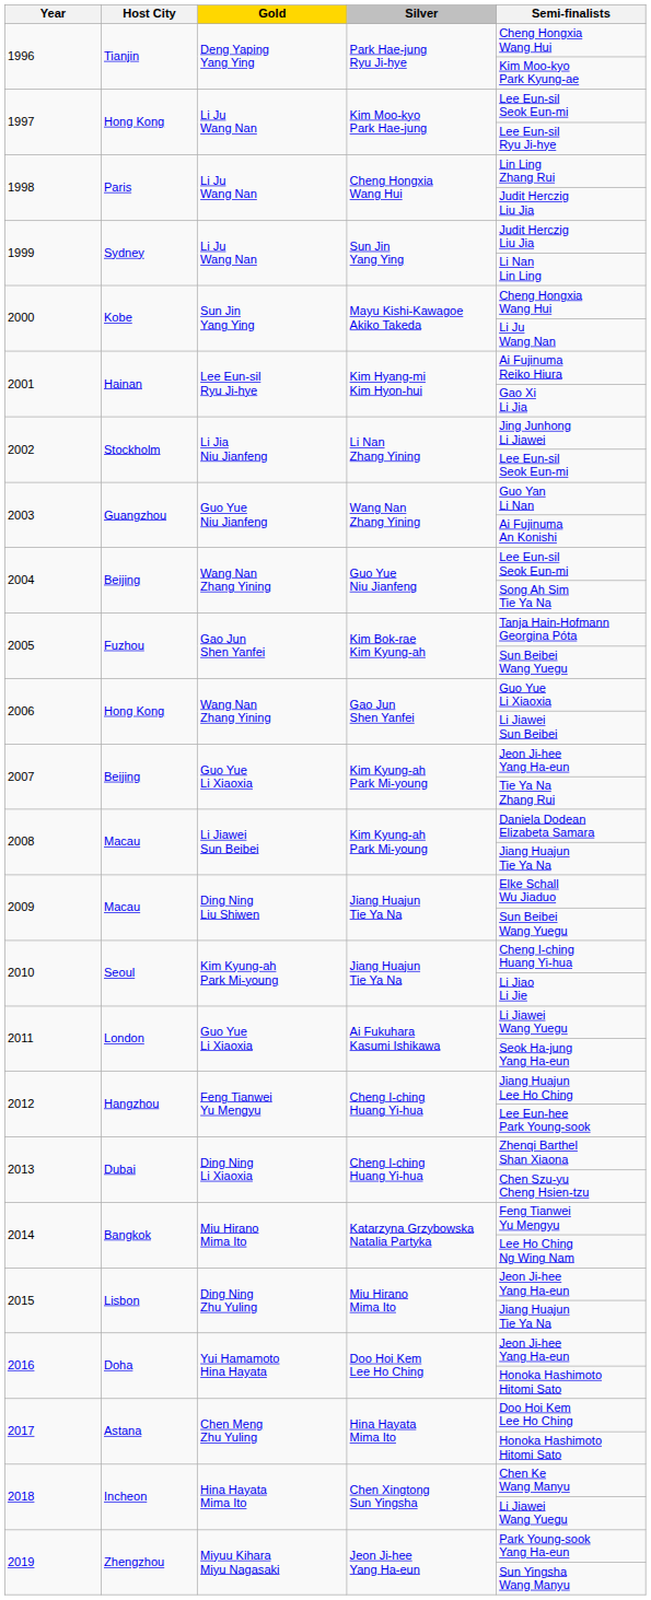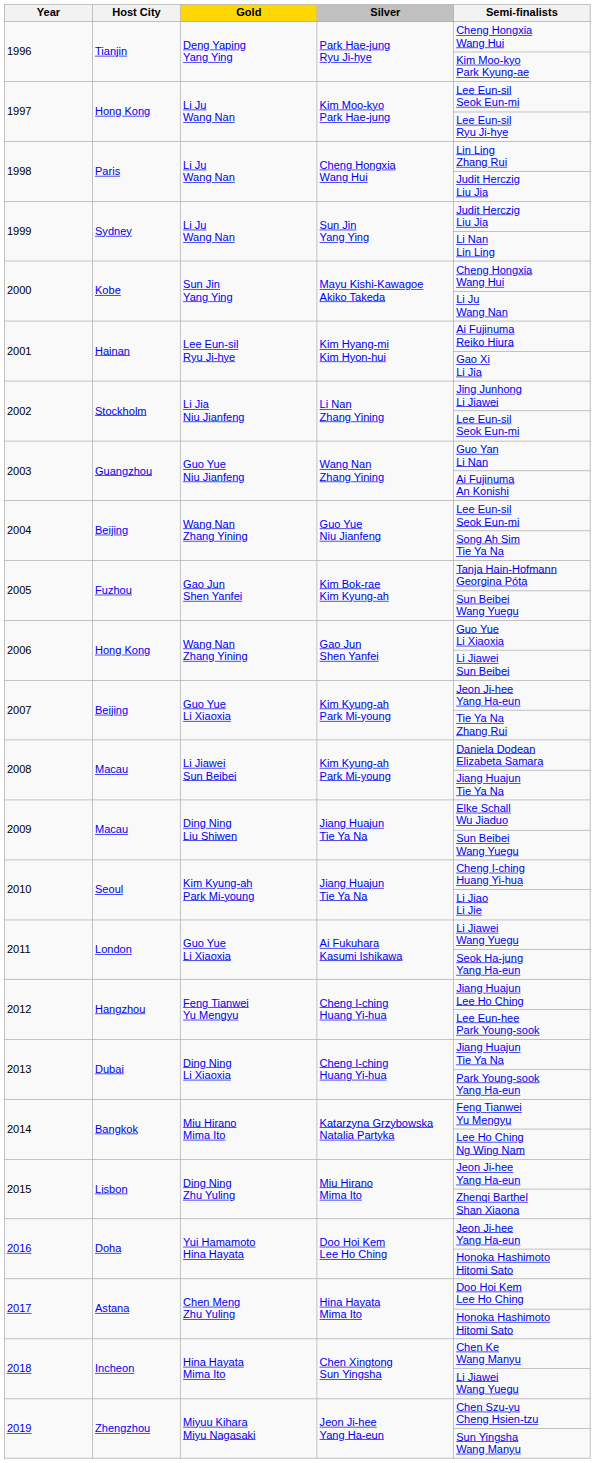 <table class="wikitable" style="text-align: left; width: 850px;">
 <tr>
 <th width="120">Year</th>
 <th width="120">Host City</th>
 <th width="190" style="background-color: gold">Gold</th>
 <th width="190" style="background-color: silver">Silver</th>
 <th width="190">Semi-finalists</th>
 </tr>
 <tr>
 <td rowspan=2>1996</td>
 <td rowspan=2><a href='#'>Tianjin</a></td>
 <td rowspan=2> <a href='#'>Deng Yaping</a><br> <a href='#'>Yang Ying</a></td>
 <td rowspan=2> <a href='#'>Park Hae-jung</a><br> <a href='#'>Ryu Ji-hye</a></td>
 <td> <a href='#'>Cheng Hongxia</a><br> <a href='#'>Wang Hui</a></td>
 </tr>
 <tr>
 <td> <a href='#'>Kim Moo-kyo</a><br> <a href='#'>Park Kyung-ae</a></td>
 </tr>
 <tr>
 <td rowspan=2>1997</td>
 <td rowspan=2><a href='#'>Hong Kong</a></td>
 <td rowspan=2> <a href='#'>Li Ju</a><br> <a href='#'>Wang Nan</a></td>
 <td rowspan=2> <a href='#'>Kim Moo-kyo</a><br> <a href='#'>Park Hae-jung</a></td>
 <td> <a href='#'>Lee Eun-sil</a><br> <a href='#'>Seok Eun-mi</a></td>
 </tr>
 <tr>
 <td> <a href='#'>Lee Eun-sil</a><br> <a href='#'>Ryu Ji-hye</a></td>
 </tr>
 <tr>
 <td rowspan=2>1998</td>
 <td rowspan=2><a href='#'>Paris</a></td>
 <td rowspan=2> <a href='#'>Li Ju</a><br> <a href='#'>Wang Nan</a></td>
 <td rowspan=2> <a href='#'>Cheng Hongxia</a><br> <a href='#'>Wang Hui</a></td>
 <td> <a href='#'>Lin Ling</a><br> <a href='#'>Zhang Rui</a></td>
 </tr>
 <tr>
 <td> <a href='#'>Judit Herczig</a><br> <a href='#'>Liu Jia</a></td>
 </tr>
 <tr>
 <td rowspan=2>1999</td>
 <td rowspan=2><a href='#'>Sydney</a></td>
 <td rowspan=2> <a href='#'>Li Ju</a><br> <a href='#'>Wang Nan</a></td>
 <td rowspan=2> <a href='#'>Sun Jin</a><br> <a href='#'>Yang Ying</a></td>
 <td> <a href='#'>Judit Herczig</a><br> <a href='#'>Liu Jia</a></td>
 </tr>
 <tr>
 <td> <a href='#'>Li Nan</a><br> <a href='#'>Lin Ling</a></td>
 </tr>
 <tr>
 <td rowspan=2>2000</td>
 <td rowspan=2><a href='#'>Kobe</a></td>
 <td rowspan=2> <a href='#'>Sun Jin</a><br> <a href='#'>Yang Ying</a></td>
 <td rowspan=2> <a href='#'>Mayu Kishi-Kawagoe</a><br> <a href='#'>Akiko Takeda</a></td>
 <td> <a href='#'>Cheng Hongxia</a><br> <a href='#'>Wang Hui</a></td>
 </tr>
 <tr>
 <td> <a href='#'>Li Ju</a><br> <a href='#'>Wang Nan</a></td>
 </tr>
 <tr>
 <td rowspan=2>2001</td>
 <td rowspan=2><a href='#'>Hainan</a></td>
 <td rowspan=2> <a href='#'>Lee Eun-sil</a><br> <a href='#'>Ryu Ji-hye</a></td>
 <td rowspan=2> <a href='#'>Kim Hyang-mi</a><br> <a href='#'>Kim Hyon-hui</a></td>
 <td> <a href='#'>Ai Fujinuma</a><br> <a href='#'>Reiko Hiura</a></td>
 </tr>
 <tr>
 <td> <a href='#'>Gao Xi</a><br> <a href='#'>Li Jia</a></td>
 </tr>
 <tr>
 <td rowspan=2>2002</td>
 <td rowspan=2><a href='#'>Stockholm</a></td>
 <td rowspan=2> <a href='#'>Li Jia</a><br> <a href='#'>Niu Jianfeng</a></td>
 <td rowspan=2> <a href='#'>Li Nan</a><br> <a href='#'>Zhang Yining</a></td>
 <td> <a href='#'>Jing Junhong</a><br> <a href='#'>Li Jiawei</a></td>
 </tr>
 <tr>
 <td> <a href='#'>Lee Eun-sil</a><br> <a href='#'>Seok Eun-mi</a></td>
 </tr>
 <tr>
 <td rowspan=2>2003</td>
 <td rowspan=2><a href='#'>Guangzhou</a></td>
 <td rowspan=2> <a href='#'>Guo Yue</a><br> <a href='#'>Niu Jianfeng</a></td>
 <td rowspan=2> <a href='#'>Wang Nan</a><br> <a href='#'>Zhang Yining</a></td>
 <td> <a href='#'>Guo Yan</a><br> <a href='#'>Li Nan</a></td>
 </tr>
 <tr>
 <td> <a href='#'>Ai Fujinuma</a><br> <a href='#'>An Konishi</a></td>
 </tr>
 <tr>
 <td rowspan=2>2004</td>
 <td rowspan=2><a href='#'>Beijing</a></td>
 <td rowspan=2> <a href='#'>Wang Nan</a><br> <a href='#'>Zhang Yining</a></td>
 <td rowspan=2> <a href='#'>Guo Yue</a><br> <a href='#'>Niu Jianfeng</a></td>
 <td> <a href='#'>Lee Eun-sil</a><br> <a href='#'>Seok Eun-mi</a></td>
 </tr>
 <tr>
 <td> <a href='#'>Song Ah Sim</a><br> <a href='#'>Tie Ya Na</a></td>
 </tr>
 <tr>
 <td rowspan=2>2005</td>
 <td rowspan=2><a href='#'>Fuzhou</a></td>
 <td rowspan=2> <a href='#'>Gao Jun</a><br> <a href='#'>Shen Yanfei</a></td>
 <td rowspan=2> <a href='#'>Kim Bok-rae</a><br> <a href='#'>Kim Kyung-ah</a></td>
 <td> <a href='#'>Tanja Hain-Hofmann</a><br> <a href='#'>Georgina Póta</a></td>
 </tr>
 <tr>
 <td> <a href='#'>Sun Beibei</a><br> <a href='#'>Wang Yuegu</a></td>
 </tr>
 <tr>
 <td rowspan=2>2006</td>
 <td rowspan=2><a href='#'>Hong Kong</a></td>
 <td rowspan=2> <a href='#'>Wang Nan</a><br> <a href='#'>Zhang Yining</a></td>
 <td rowspan=2> <a href='#'>Gao Jun</a><br> <a href='#'>Shen Yanfei</a></td>
 <td> <a href='#'>Guo Yue</a><br> <a href='#'>Li Xiaoxia</a></td>
 </tr>
 <tr>
 <td> <a href='#'>Li Jiawei</a><br> <a href='#'>Sun Beibei</a></td>
 </tr>
 <tr>
 <td rowspan=2>2007</td>
 <td rowspan=2><a href='#'>Beijing</a></td>
 <td rowspan=2> <a href='#'>Guo Yue</a><br> <a href='#'>Li Xiaoxia</a></td>
 <td rowspan=2> <a href='#'>Kim Kyung-ah</a><br> <a href='#'>Park Mi-young</a></td>
 <td> <a href='#'>Jeon Ji-hee</a><br> <a href='#'>Yang Ha-eun</a></td>
 </tr>
 <tr>
 <td> <a href='#'>Tie Ya Na</a><br> <a href='#'>Zhang Rui</a></td>
 </tr>
 <tr>
 <td rowspan=2>2008</td>
 <td rowspan=2><a href='#'>Macau</a></td>
 <td rowspan=2> <a href='#'>Li Jiawei</a><br> <a href='#'>Sun Beibei</a></td>
 <td rowspan=2> <a href='#'>Kim Kyung-ah</a><br> <a href='#'>Park Mi-young</a></td>
 <td> <a href='#'>Daniela Dodean</a><br> <a href='#'>Elizabeta Samara</a></td>
 </tr>
 <tr>
 <td> <a href='#'>Jiang Huajun</a><br> <a href='#'>Tie Ya Na</a></td>
 </tr>
 <tr>
 <td rowspan=2>2009</td>
 <td rowspan=2><a href='#'>Macau</a></td>
 <td rowspan=2> <a href='#'>Ding Ning</a><br> <a href='#'>Liu Shiwen</a></td>
 <td rowspan=2> <a href='#'>Jiang Huajun</a><br> <a href='#'>Tie Ya Na</a></td>
 <td> <a href='#'>Elke Schall</a><br> <a href='#'>Wu Jiaduo</a></td>
 </tr>
 <tr>
 <td> <a href='#'>Sun Beibei</a><br> <a href='#'>Wang Yuegu</a></td>
 </tr>
 <tr>
 <td rowspan=2>2010</td>
 <td rowspan=2><a href='#'>Seoul</a></td>
 <td rowspan=2> <a href='#'>Kim Kyung-ah</a><br> <a href='#'>Park Mi-young</a></td>
 <td rowspan=2> <a href='#'>Jiang Huajun</a><br> <a href='#'>Tie Ya Na</a></td>
 <td> <a href='#'>Cheng I-ching</a><br> <a href='#'>Huang Yi-hua</a></td>
 </tr>
 <tr>
 <td> <a href='#'>Li Jiao</a><br> <a href='#'>Li Jie</a></td>
 </tr>
 <tr>
 <td rowspan=2>2011</td>
 <td rowspan=2><a href='#'>London</a></td>
 <td rowspan=2> <a href='#'>Guo Yue</a><br> <a href='#'>Li Xiaoxia</a></td>
 <td rowspan=2> <a href='#'>Ai Fukuhara</a><br> <a href='#'>Kasumi Ishikawa</a></td>
 <td> <a href='#'>Li Jiawei</a><br> <a href='#'>Wang Yuegu</a></td>
 </tr>
 <tr>
 <td> <a href='#'>Seok Ha-jung</a><br> <a href='#'>Yang Ha-eun</a></td>
 </tr>
 <tr>
 <td rowspan=2>2012</td>
 <td rowspan=2><a href='#'>Hangzhou</a></td>
 <td rowspan=2> <a href='#'>Feng Tianwei</a><br> <a href='#'>Yu Mengyu</a></td>
 <td rowspan=2> <a href='#'>Cheng I-ching</a><br> <a href='#'>Huang Yi-hua</a></td>
 <td> <a href='#'>Jiang Huajun</a><br> <a href='#'>Lee Ho Ching</a></td>
 </tr>
 <tr>
 <td> <a href='#'>Lee Eun-hee</a><br> <a href='#'>Park Young-sook</a></td>
 </tr>
 <tr>
 <td rowspan=2>2013</td>
 <td rowspan=2><a href='#'>Dubai</a></td>
 <td rowspan=2> <a href='#'>Ding Ning</a><br> <a href='#'>Li Xiaoxia</a></td>
 <td rowspan=2> <a href='#'>Cheng I-ching</a><br> <a href='#'>Huang Yi-hua</a></td>
-<td> <a href='#'>Zhenqi Barthel</a><br> <a href='#'>Shan Xiaona</a></td>
+<td> <a href='#'>Jiang Huajun</a><br> <a href='#'>Tie Ya Na</a></td>
 </tr>
 <tr>
-<td> <a href='#'>Chen Szu-yu</a><br> <a href='#'>Cheng Hsien-tzu</a></td>
+<td> <a href='#'>Park Young-sook</a><br> <a href='#'>Yang Ha-eun</a></td>
 </tr>
 <tr>
 <td rowspan=2>2014</td>
 <td rowspan=2><a href='#'>Bangkok</a></td>
 <td rowspan=2> <a href='#'>Miu Hirano</a><br> <a href='#'>Mima Ito</a></td>
 <td rowspan=2> <a href='#'>Katarzyna Grzybowska</a><br> <a href='#'>Natalia Partyka</a></td>
 <td> <a href='#'>Feng Tianwei</a><br> <a href='#'>Yu Mengyu</a></td>
 </tr>
 <tr>
 <td> <a href='#'>Lee Ho Ching</a><br> <a href='#'>Ng Wing Nam</a></td>
 </tr>
 <tr>
 <td rowspan=2>2015</td>
 <td rowspan=2><a href='#'>Lisbon</a></td>
 <td rowspan=2> <a href='#'>Ding Ning</a><br> <a href='#'>Zhu Yuling</a></td>
 <td rowspan=2> <a href='#'>Miu Hirano</a><br> <a href='#'>Mima Ito</a></td>
 <td> <a href='#'>Jeon Ji-hee</a><br> <a href='#'>Yang Ha-eun</a></td>
 </tr>
 <tr>
-<td> <a href='#'>Jiang Huajun</a><br> <a href='#'>Tie Ya Na</a></td>
+<td> <a href='#'>Zhenqi Barthel</a><br> <a href='#'>Shan Xiaona</a></td>
 </tr>
 <tr>
 <td rowspan=2><a href='#'>2016</a></td>
 <td rowspan=2><a href='#'>Doha</a></td>
 <td rowspan=2> <a href='#'>Yui Hamamoto</a><br> <a href='#'>Hina Hayata</a></td>
 <td rowspan=2> <a href='#'>Doo Hoi Kem</a><br> <a href='#'>Lee Ho Ching</a></td>
 <td> <a href='#'>Jeon Ji-hee</a><br> <a href='#'>Yang Ha-eun</a></td>
 </tr>
 <tr>
 <td> <a href='#'>Honoka Hashimoto</a><br> <a href='#'>Hitomi Sato</a></td>
 </tr>
 <tr>
 <td rowspan=2><a href='#'>2017</a></td>
 <td rowspan=2><a href='#'>Astana</a></td>
 <td rowspan=2> <a href='#'>Chen Meng</a><br> <a href='#'>Zhu Yuling</a></td>
 <td rowspan=2> <a href='#'>Hina Hayata</a><br> <a href='#'>Mima Ito</a></td>
 <td> <a href='#'>Doo Hoi Kem</a><br> <a href='#'>Lee Ho Ching</a></td>
 </tr>
 <tr>
 <td> <a href='#'>Honoka Hashimoto</a><br> <a href='#'>Hitomi Sato</a></td>
 </tr>
 <tr>
 <td rowspan=2><a href='#'>2018</a></td>
 <td rowspan=2><a href='#'>Incheon</a></td>
 <td rowspan=2> <a href='#'>Hina Hayata</a><br> <a href='#'>Mima Ito</a></td>
 <td rowspan=2> <a href='#'>Chen Xingtong</a><br> <a href='#'>Sun Yingsha</a></td>
 <td> <a href='#'>Chen Ke</a><br> <a href='#'>Wang Manyu</a></td>
 </tr>
 <tr>
 <td> <a href='#'>Li Jiawei</a><br> <a href='#'>Wang Yuegu</a></td>
 </tr>
 <tr>
 <td rowspan=2><a href='#'>2019</a></td>
 <td rowspan=2><a href='#'>Zhengzhou</a></td>
 <td rowspan=2> <a href='#'>Miyuu Kihara</a><br> <a href='#'>Miyu Nagasaki</a></td>
 <td rowspan=2> <a href='#'>Jeon Ji-hee</a><br> <a href='#'>Yang Ha-eun</a></td>
-<td> <a href='#'>Park Young-sook</a><br> <a href='#'>Yang Ha-eun</a></td>
+<td> <a href='#'>Chen Szu-yu</a><br> <a href='#'>Cheng Hsien-tzu</a></td>
 </tr>
 <tr>
 <td> <a href='#'>Sun Yingsha</a><br> <a href='#'>Wang Manyu</a></td>
 </tr>
 </table>
